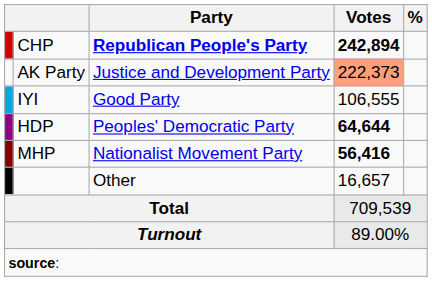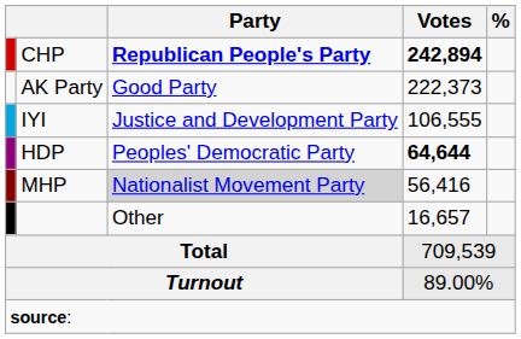 <table class="wikitable">
 <tr>
 <th colspan="2"></th>
 <th>Party</th>
 <th>Votes</th>
 <th>%</th>
 </tr>
 <tr align="left">
 <td bgcolor="#d50000" width="1"></td>
 <td>CHP</td>
 <td><strong><a href='#'>Republican People's Party</a></strong></td>
 <td><strong>242,894</strong></td>
 <td><strong></strong></td>
 </tr>
 <tr align="left">
 <td></td>
 <td>AK Party</td>
-<td><a href='#'>Justice and Development Party</a></td>
-<td style="background: lightsalmon;">222,373</td>
+<td><a href='#'>Good Party</a></td>
+<td>222,373</td>
 <td></td>
 </tr>
 <tr align="left">
 <td bgcolor="#01A7E1" width="1"></td>
 <td>IYI</td>
-<td><a href='#'>Good Party</a></td>
+<td><a href='#'>Justice and Development Party</a></td>
 <td>106,555</td>
 <td></td>
 </tr>
 <tr align="left">
 <td bgcolor="#91007B" width="1"></td>
 <td>HDP</td>
 <td><a href='#'>Peoples' Democratic Party</a></td>
 <td><strong>64,644</strong></td>
 <td></td>
 </tr>
 <tr align="left">
 <td bgcolor="#870000" width="1"></td>
 <td>MHP</td>
-<td><a href='#'>Nationalist Movement Party</a></td>
-<td><strong>56,416</strong></td>
+<td style="background: lightgrey;"><a href='#'>Nationalist Movement Party</a></td>
+<td>56,416</td>
 <td></td>
 </tr>
 <tr align="left">
 <td bgcolor=" " width="1"></td>
 <td></td>
 <td>Other</td>
 <td>16,657</td>
 <td></td>
 </tr>
 <tr align="left" style="background-color:#E9E9E9">
 <th colspan="3" align="center"><strong>Total</strong></th>
 <td colspan="5" align="center">709,539</td>
 </tr>
 <tr align="left" style="background-color:#E9E9E9">
 <th colspan="3" align="center"><em>Turnout</em></th>
 <td colspan="5" align="center">89.00%</td>
 </tr>
 <tr>
 <td colspan="9" align="left"><small><strong>source</strong>: </small></td>
 </tr>
 </table>
